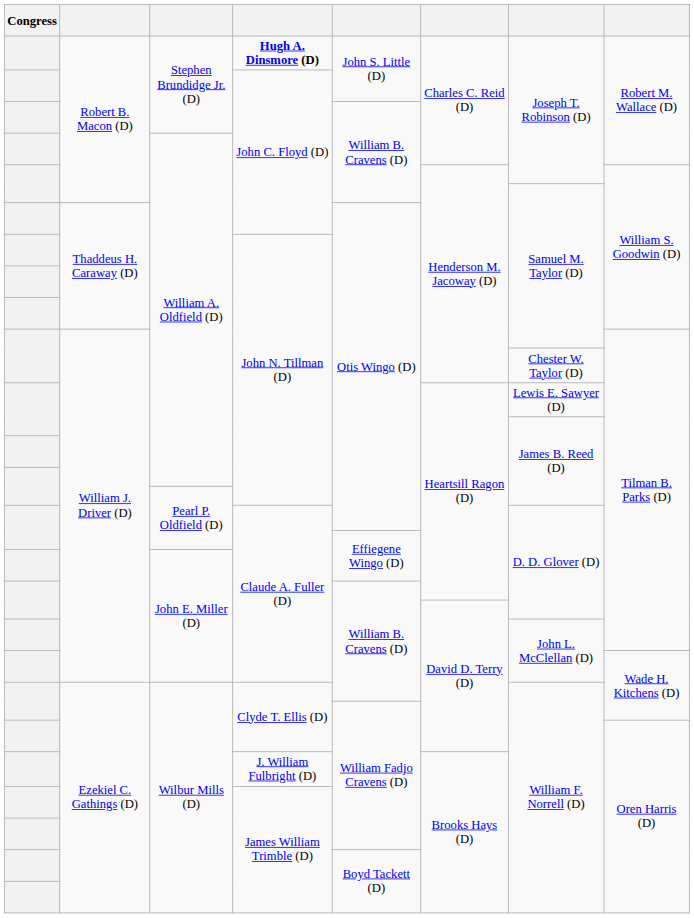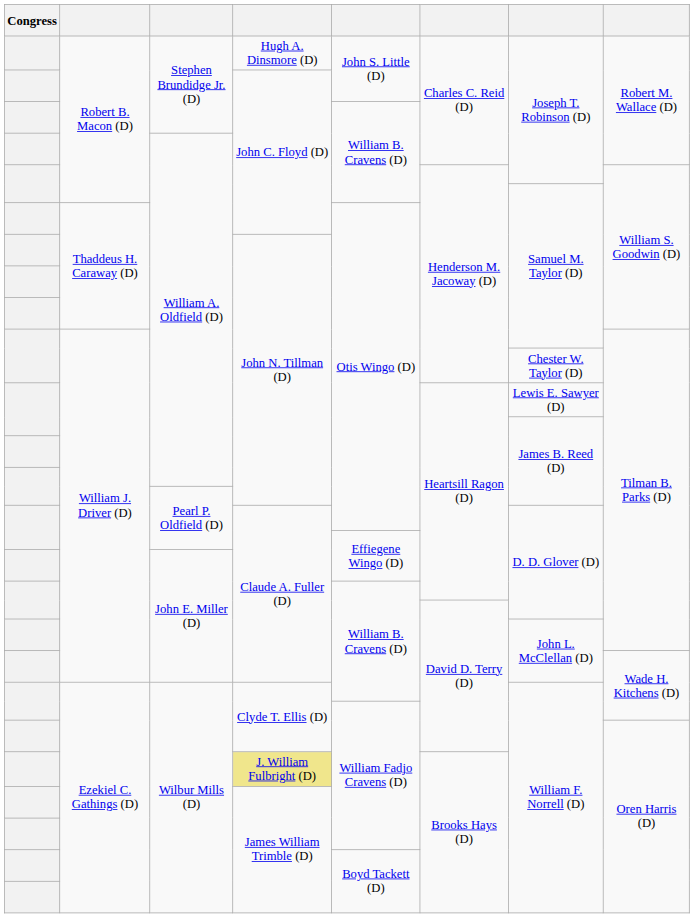 <table class="wikitable sticky-header" style="text-align:center">
 <tr style="height:2.5em">
 <th scope="col">Congress</th>
 <th scope="col"></th>
 <th scope="col"></th>
 <th scope="col"></th>
 <th scope="col"></th>
 <th scope="col"></th>
 <th scope="col"></th>
 <th scope="col"></th>
 </tr>
 <tr style="height:2.5em">
 <th scope="row"> </th>
 <td rowspan=6 ><a href='#'>Robert B. Macon</a> (D)</td>
 <td rowspan=3 ><a href='#'>Stephen<br>Brundidge Jr.</a> (D)</td>
-<td><strong><a href='#'>Hugh A. Dinsmore</a> (D)</strong></td>
+<td><a href='#'>Hugh A. Dinsmore</a> (D)</td>
 <td rowspan=2 ><a href='#'>John S. Little</a> (D)</td>
 <td rowspan=4 ><a href='#'>Charles C. Reid</a> (D)</td>
 <td rowspan=5 ><a href='#'>Joseph T.<br>Robinson</a> (D)</td>
 <td rowspan=4 ><a href='#'>Robert M.<br>Wallace</a> (D)</td>
 </tr>
 <tr style="height:2.5em">
 <th scope="row"> </th>
 <td rowspan=6 ><a href='#'>John C. Floyd</a> (D)</td>
 </tr>
 <tr style="height:2.5em">
 <th scope="row"> </th>
 <td rowspan=4 ><a href='#'>William B.<br>Cravens</a> (D)</td>
 </tr>
 <tr style="height:2.5em">
 <th scope="row"> </th>
 <td rowspan=13 ><a href='#'>William A.<br>Oldfield</a> (D)</td>
 </tr>
 <tr style="height:1.5em">
 <th scope="row" rowspan=2> </th>
 <td rowspan=8 ><a href='#'>Henderson M.<br>Jacoway</a> (D)</td>
 <td rowspan=6 ><a href='#'>William S.<br>Goodwin</a> (D)</td>
 </tr>
 <tr style="height:1.5em">
 <td rowspan=6 ><a href='#'>Samuel M. Taylor</a> (D)</td>
 </tr>
 <tr style="height:2.5em">
 <th scope="row"> </th>
 <td rowspan=4 ><a href='#'>Thaddeus H.<br>Caraway</a> (D)</td>
 <td rowspan=12 ><a href='#'>Otis Wingo</a> (D)</td>
 </tr>
 <tr style="height:2.5em">
 <th scope="row"> </th>
 <td rowspan=10 ><a href='#'>John N. Tillman</a> (D)</td>
 </tr>
 <tr style="height:2.5em">
 <th scope="row"> </th>
 </tr>
 <tr style="height:2.5em">
 <th scope="row"> </th>
 </tr>
 <tr style="height:1.5em">
 <th scope="row" rowspan=2> </th>
 <td rowspan=14 ><a href='#'>William J. Driver</a> (D)</td>
 <td rowspan=13 ><a href='#'>Tilman B. Parks</a> (D)</td>
 </tr>
 <tr style="height:2em">
 <td><a href='#'>Chester W. Taylor</a> (D)</td>
 </tr>
 <tr style="height:2em">
 <th scope="row" rowspan=2> </th>
 <td rowspan=9 ><a href='#'>Heartsill Ragon</a> (D)</td>
 <td><a href='#'>Lewis E. Sawyer</a> (D)</td>
 </tr>
 <tr style="height:1.5em">
 <td rowspan=4 ><a href='#'>James B. Reed</a> (D)</td>
 </tr>
 <tr style="height:2.5em">
 <th scope="row"> </th>
 </tr>
 <tr style="height:1.5em">
 <th scope="row" rowspan=2> </th>
 </tr>
 <tr style="height:1.5em">
 <td rowspan=3 ><a href='#'>Pearl P.<br>Oldfield</a> (D)</td>
 </tr>
 <tr style="height:2em">
 <th scope="row" rowspan=2> </th>
 <td rowspan=7 ><a href='#'>Claude A. Fuller</a> (D)</td>
 <td rowspan=5 ><a href='#'>D. D. Glover</a> (D)</td>
 </tr>
 <tr style="height:1.5em">
 <td rowspan=2 ><a href='#'>Effiegene Wingo</a> (D)</td>
 </tr>
 <tr style="height:2.5em">
 <th scope="row"> </th>
 <td rowspan=5 ><a href='#'>John E. Miller</a> (D)</td>
 </tr>
 <tr style="height:1.5em">
 <th scope="row" rowspan=2> </th>
 <td rowspan=5 ><a href='#'>William B.<br>Cravens</a> (D)</td>
 </tr>
 <tr style="height:1.5em">
 <td rowspan=6 ><a href='#'>David D. Terry</a> (D)</td>
 </tr>
 <tr style="height:2.5em">
 <th scope="row"> </th>
 <td rowspan=2 ><a href='#'>John L. McClellan</a> (D)</td>
 </tr>
 <tr style="height:2.5em">
 <th scope="row"> </th>
 <td rowspan=3 ><a href='#'>Wade H.<br>Kitchens</a> (D)</td>
 </tr>
 <tr style="height:1.5em">
 <th scope="row" rowspan=2> </th>
 <td rowspan=8 ><a href='#'>Ezekiel C.<br>Gathings</a> (D)</td>
 <td rowspan=8 ><a href='#'>Wilbur Mills</a> (D)</td>
 <td rowspan=3 ><a href='#'>Clyde T. Ellis</a> (D)</td>
 <td rowspan=8 ><a href='#'>William F. Norrell</a> (D)</td>
 </tr>
 <tr style="height:1.5em">
 <td rowspan=5 ><a href='#'>William Fadjo<br>Cravens</a> (D)</td>
 </tr>
 <tr style="height:2.5em">
 <th scope="row"> </th>
 <td rowspan=6 ><a href='#'>Oren Harris</a> (D)</td>
 </tr>
 <tr style="height:2.5em">
 <th scope="row"> </th>
-<td><a href='#'>J. William Fulbright</a> (D)</td>
+<td style="background: khaki;"><a href='#'>J. William Fulbright</a> (D)</td>
 <td rowspan=5 ><a href='#'>Brooks Hays</a> (D)</td>
 </tr>
 <tr style="height:2.5em">
 <th scope="row"> </th>
 <td rowspan=4 ><a href='#'>James William<br>Trimble</a> (D)</td>
 </tr>
 <tr style="height:2.5em">
 <th scope="row"> </th>
 </tr>
 <tr style="height:2.5em">
 <th scope="row"> </th>
 <td rowspan=2 ><a href='#'>Boyd Tackett</a> (D)</td>
 </tr>
 <tr style="height:2.5em">
 <th scope="row"> </th>
 </tr>
 </table>
